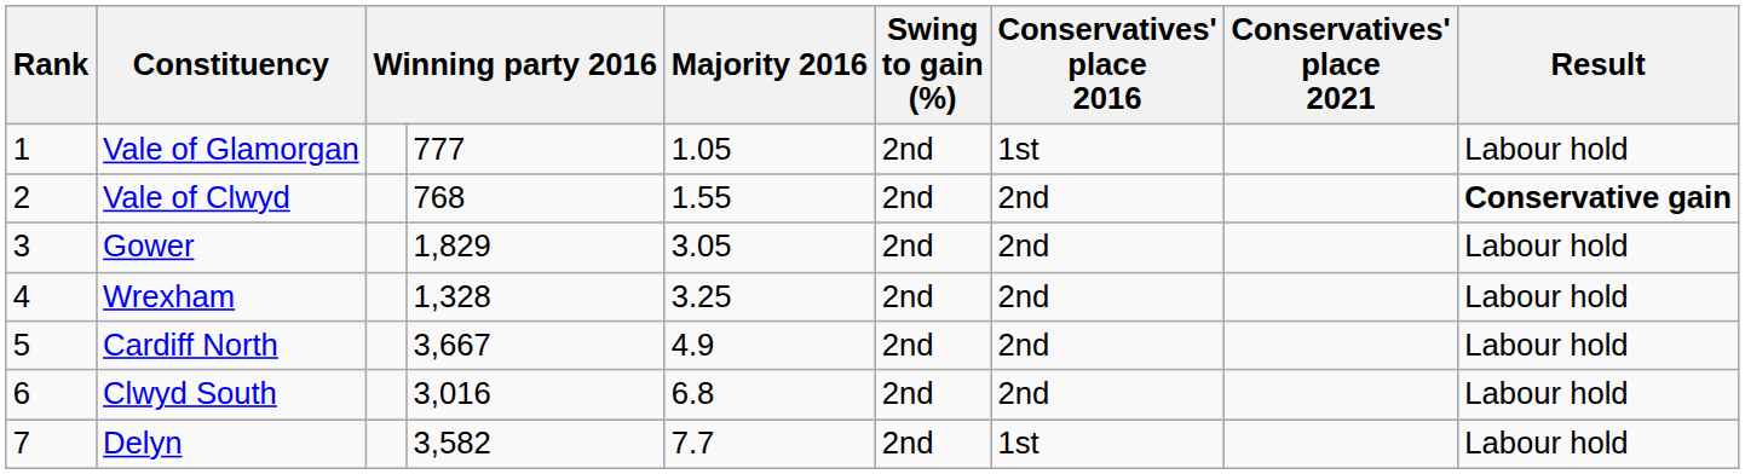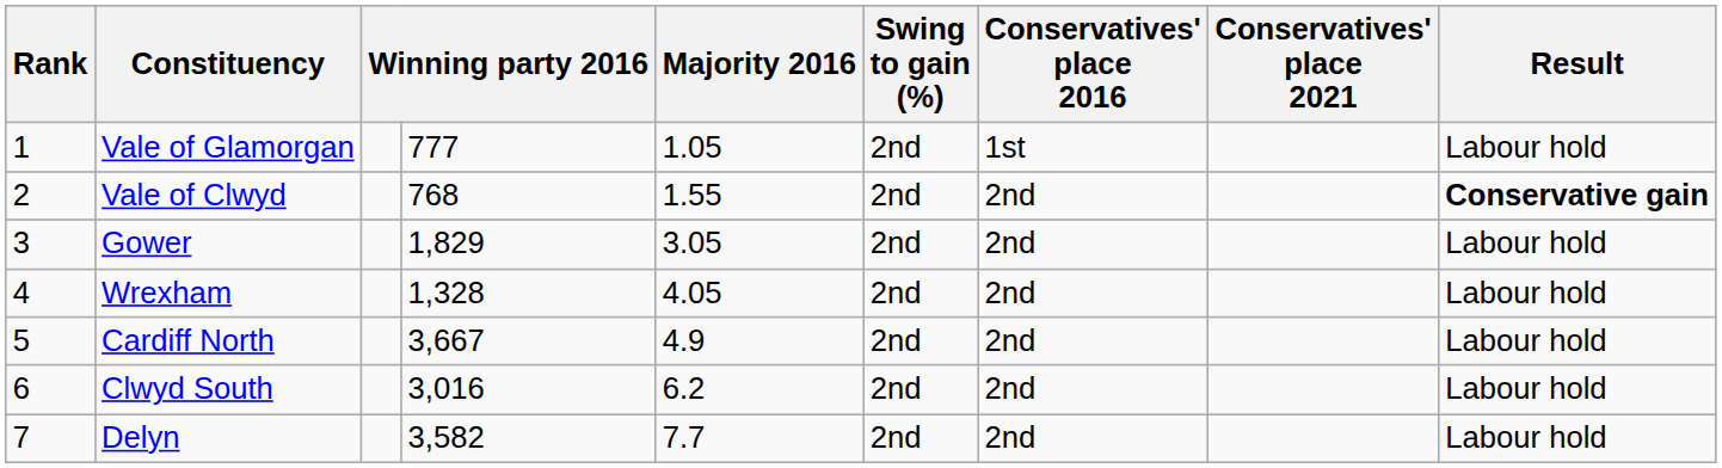 <table class="wikitable">
 <tr>
 <th>Rank</th>
 <th>Constituency</th>
 <th colspan=2>Winning party 2016</th>
 <th>Majority 2016</th>
 <th>Swing<br>to gain<br>(%)</th>
 <th>Conservatives'<br>place<br>2016</th>
 <th>Conservatives'<br>place<br>2021</th>
 <th colspan=2>Result</th>
 </tr>
 <tr>
 <td>1</td>
 <td><a href='#'>Vale of Glamorgan</a></td>
 <td></td>
 <td>777</td>
 <td>1.05</td>
 <td>2nd</td>
 <td>1st</td>
 <td style="background-color: "></td>
 <td>Labour hold</td>
 </tr>
 <tr>
 <td>2</td>
 <td><a href='#'>Vale of Clwyd</a></td>
 <td></td>
 <td>768</td>
 <td>1.55</td>
 <td>2nd</td>
 <td>2nd</td>
 <td style="background-color: "></td>
 <td><strong>Conservative gain</strong></td>
 </tr>
 <tr>
 <td>3</td>
 <td><a href='#'>Gower</a></td>
 <td></td>
 <td>1,829</td>
 <td>3.05</td>
 <td>2nd</td>
 <td>2nd</td>
 <td style="background-color: "></td>
 <td>Labour hold</td>
 </tr>
 <tr>
 <td>4</td>
 <td><a href='#'>Wrexham</a></td>
 <td></td>
 <td>1,328</td>
-<td>3.25</td>
+<td>4.05</td>
 <td>2nd</td>
 <td>2nd</td>
 <td style="background-color: "></td>
 <td>Labour hold</td>
 </tr>
 <tr>
 <td>5</td>
 <td><a href='#'>Cardiff North</a></td>
 <td></td>
 <td>3,667</td>
 <td>4.9</td>
 <td>2nd</td>
 <td>2nd</td>
 <td style="background-color: "></td>
 <td>Labour hold</td>
 </tr>
 <tr>
 <td>6</td>
 <td><a href='#'>Clwyd South</a></td>
 <td></td>
 <td>3,016</td>
-<td>6.8</td>
+<td>6.2</td>
 <td>2nd</td>
 <td>2nd</td>
 <td style="background-color: "></td>
 <td>Labour hold</td>
 </tr>
 <tr>
 <td>7</td>
 <td><a href='#'>Delyn</a></td>
 <td></td>
 <td>3,582</td>
 <td>7.7</td>
 <td>2nd</td>
-<td>1st</td>
+<td>2nd</td>
 <td style="background-color: "></td>
 <td>Labour hold</td>
 </tr>
 </table>
